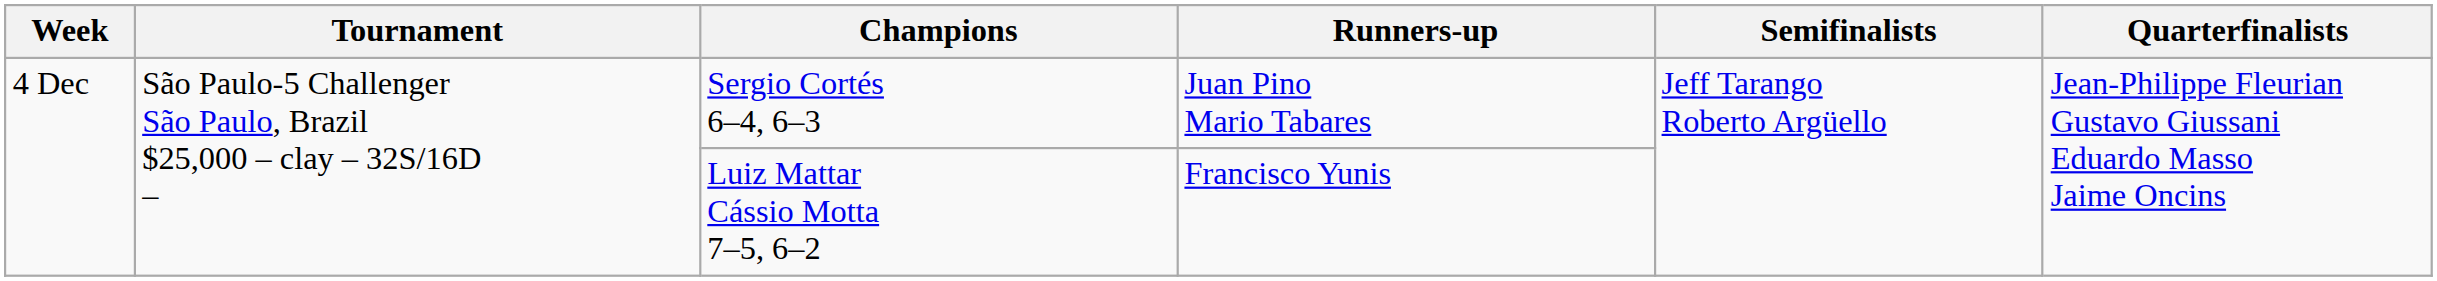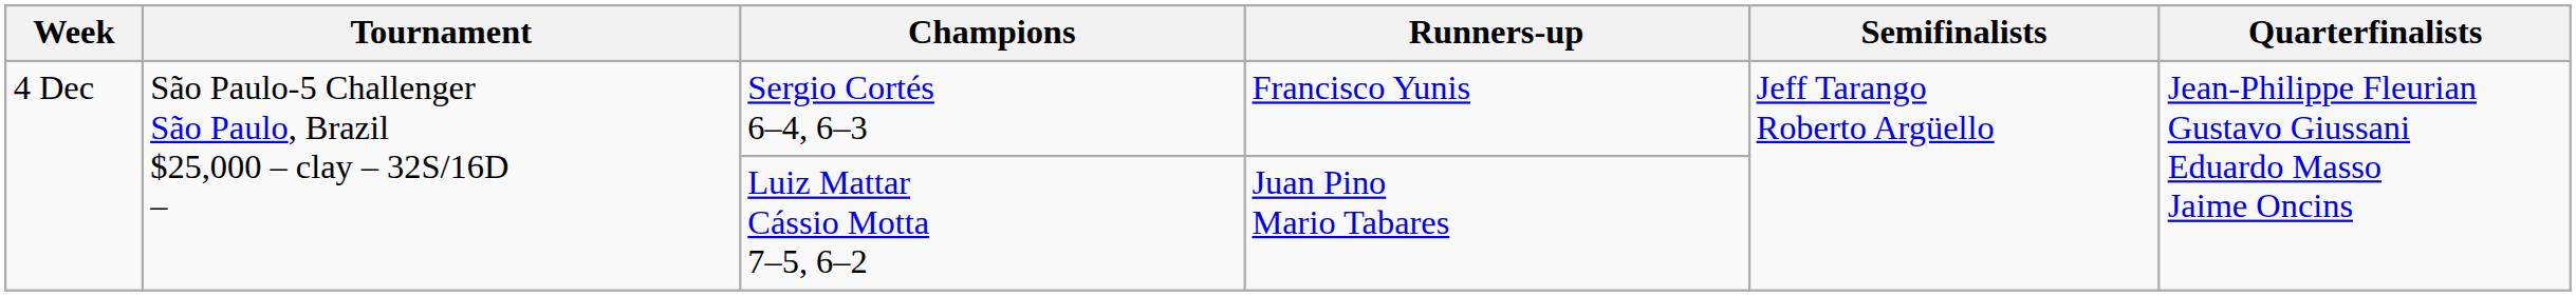 <table class="wikitable" style="font-size:92%;">
 <tr>
 <th style="width:52px;">Week</th>
 <th width="250">Tournament</th>
 <th width="210">Champions</th>
 <th width="210">Runners-up</th>
 <th width="170">Semifinalists</th>
 <th width="170">Quarterfinalists</th>
 </tr>
 <tr valign="top">
 <td rowspan="2">4 Dec</td>
 <td rowspan="2">São Paulo-5 Challenger<br> <a href='#'>São Paulo</a>, Brazil<br>$25,000 – clay – 32S/16D<br>  – </td>
 <td> <a href='#'>Sergio Cortés</a> <br>6–4, 6–3</td>
-<td> <a href='#'>Juan Pino</a> <br> <a href='#'>Mario Tabares</a></td>
+<td> <a href='#'>Francisco Yunis</a></td>
 <td rowspan="2"> <a href='#'>Jeff Tarango</a> <br>  <a href='#'>Roberto Argüello</a></td>
 <td rowspan="2"> <a href='#'>Jean-Philippe Fleurian</a> <br> <a href='#'>Gustavo Giussani</a> <br> <a href='#'>Eduardo Masso</a> <br>  <a href='#'>Jaime Oncins</a></td>
 </tr>
 <tr valign="top">
 <td> <a href='#'>Luiz Mattar</a> <br> <a href='#'>Cássio Motta</a><br>7–5, 6–2</td>
-<td> <a href='#'>Francisco Yunis</a></td>
+<td> <a href='#'>Juan Pino</a> <br> <a href='#'>Mario Tabares</a></td>
 </tr>
 </table>
